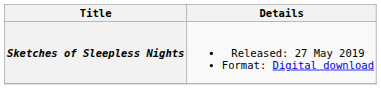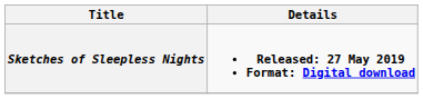 <table class="wikitable plainrowheaders" style="text-align:center;">
 <tr>
 <th scope="col">Title</th>
 <th scope="col">Details</th>
 </tr>
 <tr>
 <th scope="row"><em>Sketches of Sleepless Nights</em></th>
-<td><br><ul><li>Released: 27 May 2019</li><li>Format: <a href='#'>Digital download</a></li></ul></td>
+<td><strong><br><ul><li>Released: 27 May 2019</li><li>Format: <a href='#'>Digital download</a></li></ul></strong></td>
 </tr>
 <tr>
 </tr>
 </table>
